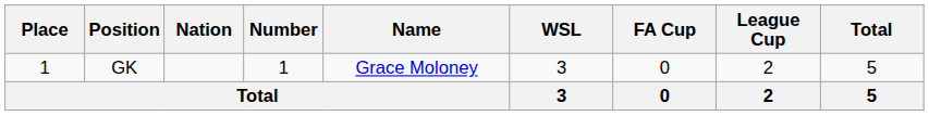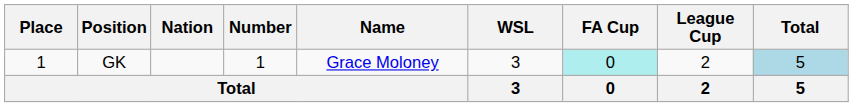 <table class="wikitable" style="font-size: 95%; text-align: center;">
 <tr>
 <th width=60>Place</th>
 <th width=60>Position</th>
 <th width=60>Nation</th>
 <th width=60>Number</th>
 <th width=150>Name</th>
 <th width=80>WSL</th>
 <th width=80>FA Cup</th>
 <th width=80>League Cup</th>
 <th width=80>Total</th>
 </tr>
 <tr>
 <td>1</td>
 <td>GK</td>
 <td></td>
 <td>1</td>
 <td><a href='#'>Grace Moloney</a></td>
 <td>3</td>
-<td>0</td>
+<td style="background: paleturquoise;">0</td>
 <td>2</td>
-<td>5</td>
+<td style="background: lightblue;">5</td>
 </tr>
 <tr>
 <th colspan=5>Total</th>
 <th>3</th>
 <th>0</th>
 <th>2</th>
 <th>5</th>
 </tr>
 </table>
